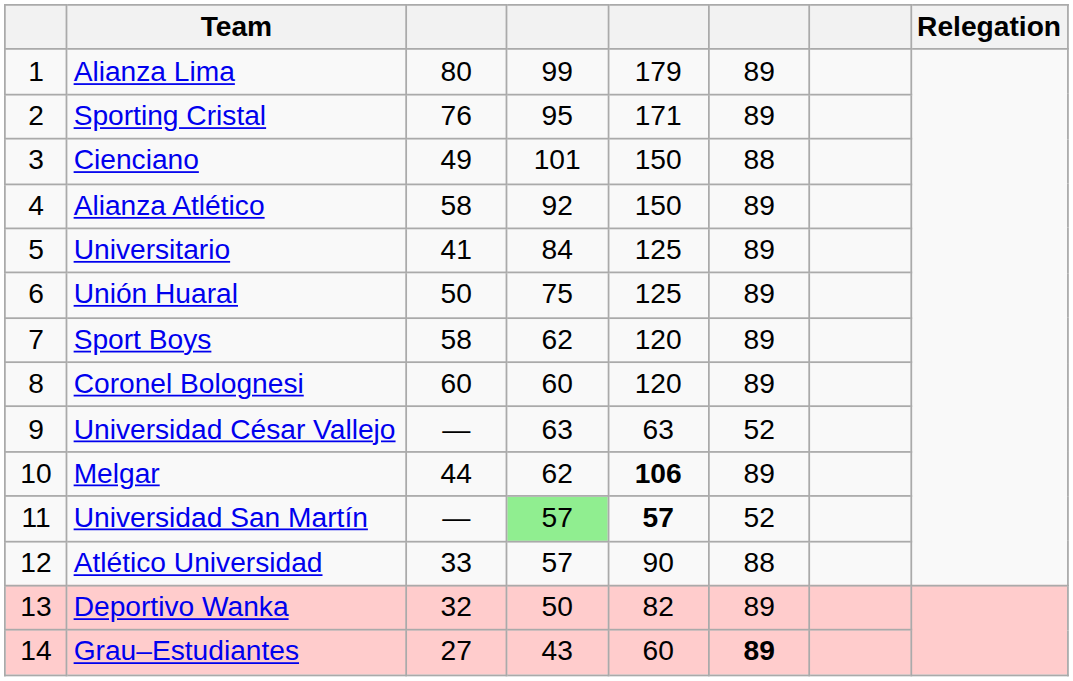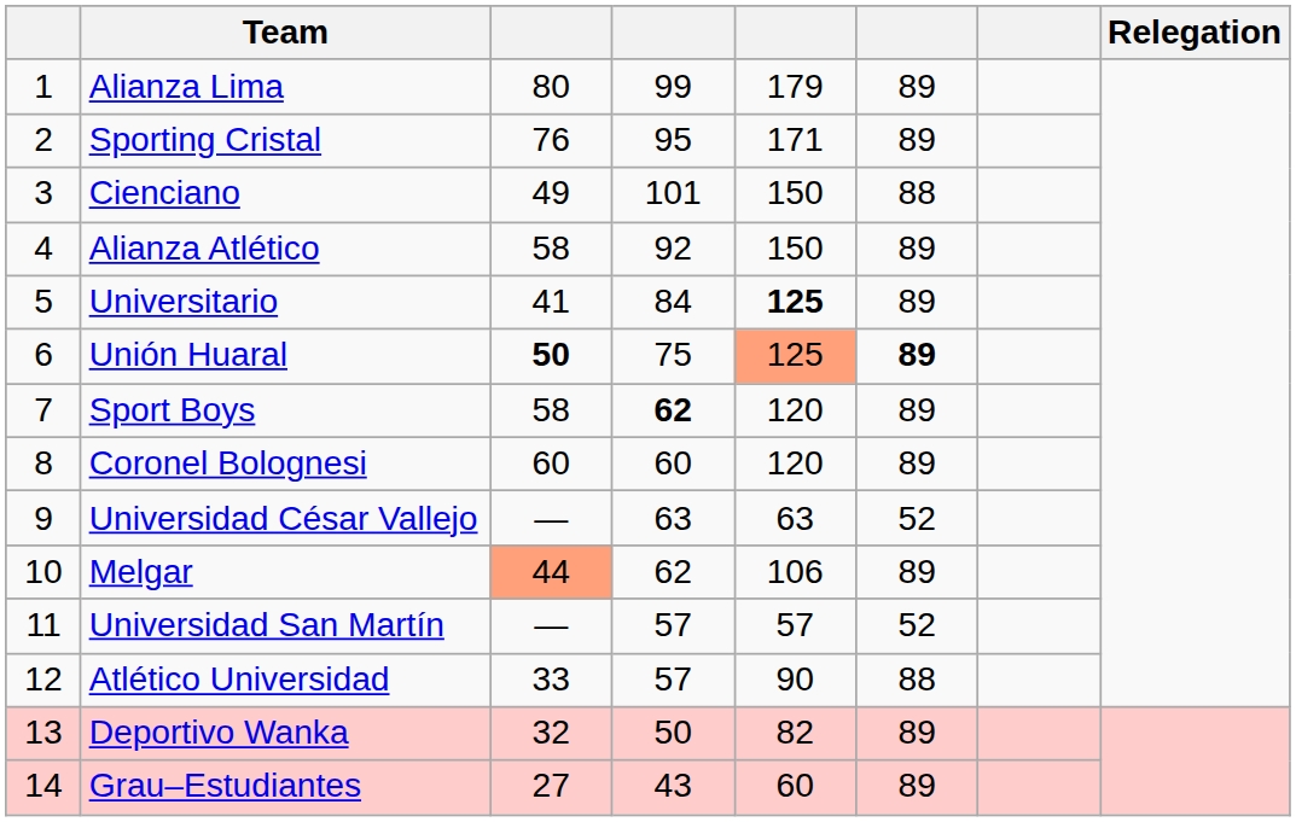 <table class="wikitable sortable">
 <tr>
 <th width=28><br></th>
 <th width=185>Team</th>
 <th width=50></th>
 <th width=50></th>
 <th width=50></th>
 <th width=50></th>
 <th width=50></th>
 <th>Relegation</th>
 </tr>
 <tr align="center">
 <td>1</td>
 <td align="left"><a href='#'>Alianza Lima</a></td>
 <td>80</td>
 <td>99</td>
 <td>179</td>
 <td>89</td>
 <td><strong></strong></td>
 <td rowspan=12></td>
 </tr>
 <tr align="center">
 <td>2</td>
 <td align="left"><a href='#'>Sporting Cristal</a></td>
 <td>76</td>
 <td>95</td>
 <td>171</td>
 <td>89</td>
 <td><strong></strong></td>
 </tr>
 <tr align="center">
 <td>3</td>
 <td align="left"><a href='#'>Cienciano</a></td>
 <td>49</td>
 <td>101</td>
 <td>150</td>
 <td>88</td>
 <td><strong></strong></td>
 </tr>
 <tr align="center">
 <td>4</td>
 <td align="left"><a href='#'>Alianza Atlético</a></td>
 <td>58</td>
 <td>92</td>
 <td>150</td>
 <td>89</td>
 <td><strong></strong></td>
 </tr>
 <tr align="center">
 <td>5</td>
 <td align="left"><a href='#'>Universitario</a></td>
 <td>41</td>
 <td>84</td>
-<td>125</td>
+<td><strong>125</strong></td>
 <td>89</td>
 <td><strong></strong></td>
 </tr>
 <tr align="center">
 <td>6</td>
 <td align="left"><a href='#'>Unión Huaral</a></td>
-<td>50</td>
+<td><strong>50</strong></td>
 <td>75</td>
-<td>125</td>
-<td>89</td>
+<td style="background: lightsalmon;">125</td>
+<td><strong>89</strong></td>
 <td><strong></strong></td>
 </tr>
 <tr align="center">
 <td>7</td>
 <td align="left"><a href='#'>Sport Boys</a></td>
 <td>58</td>
-<td>62</td>
+<td><strong>62</strong></td>
 <td>120</td>
 <td>89</td>
 <td><strong></strong></td>
 </tr>
 <tr align="center">
 <td>8</td>
 <td align="left"><a href='#'>Coronel Bolognesi</a></td>
 <td>60</td>
 <td>60</td>
 <td>120</td>
 <td>89</td>
 <td><strong></strong></td>
 </tr>
 <tr align="center">
 <td>9</td>
 <td align="left"><a href='#'>Universidad César Vallejo</a></td>
 <td>—</td>
 <td>63</td>
 <td>63</td>
 <td>52</td>
 <td><strong></strong></td>
 </tr>
 <tr align="center">
 <td>10</td>
 <td align="left"><a href='#'>Melgar</a></td>
-<td>44</td>
+<td style="background: lightsalmon;">44</td>
 <td>62</td>
-<td><strong>106</strong></td>
+<td>106</td>
 <td>89</td>
 <td><strong></strong></td>
 </tr>
 <tr align="center">
 <td>11</td>
 <td align="left"><a href='#'>Universidad San Martín</a></td>
 <td>—</td>
-<td style="background: lightgreen;">57</td>
-<td><strong>57</strong></td>
+<td>57</td>
+<td>57</td>
 <td>52</td>
 <td><strong></strong></td>
 </tr>
 <tr align="center">
 <td>12</td>
 <td align="left"><a href='#'>Atlético Universidad</a></td>
 <td>33</td>
 <td>57</td>
 <td>90</td>
 <td>88</td>
 <td><strong></strong></td>
 </tr>
 <tr align="center" bgcolor=#ffcccc>
 <td>13</td>
 <td align="left"><a href='#'>Deportivo Wanka</a></td>
 <td>32</td>
 <td>50</td>
 <td>82</td>
 <td>89</td>
 <td><strong></strong></td>
 <td rowspan=2></td>
 </tr>
 <tr align="center" bgcolor=#ffcccc>
 <td>14</td>
 <td align="left"><a href='#'>Grau–Estudiantes</a></td>
 <td>27</td>
 <td>43</td>
 <td>60</td>
-<td><strong>89</strong></td>
+<td>89</td>
 <td><strong></strong></td>
 </tr>
 </table>
